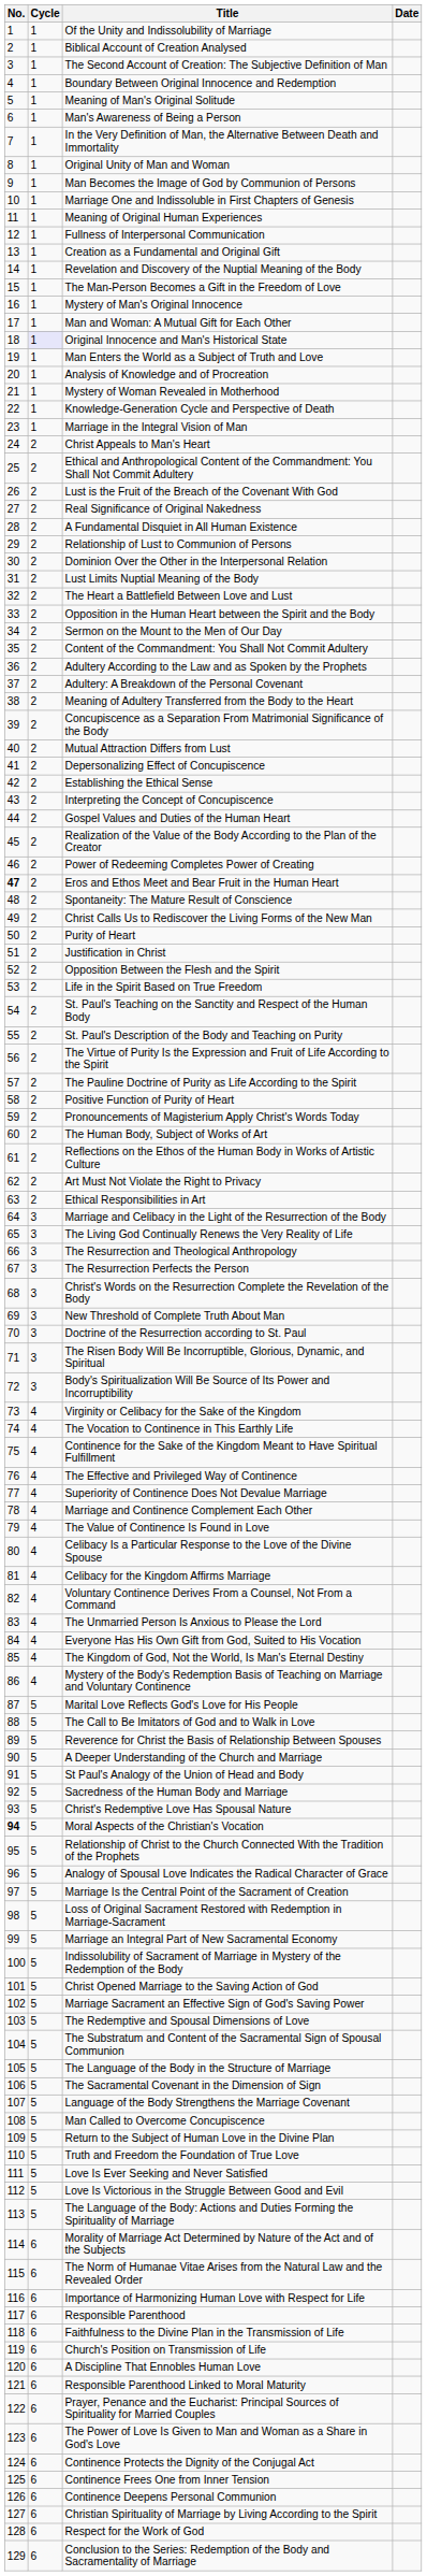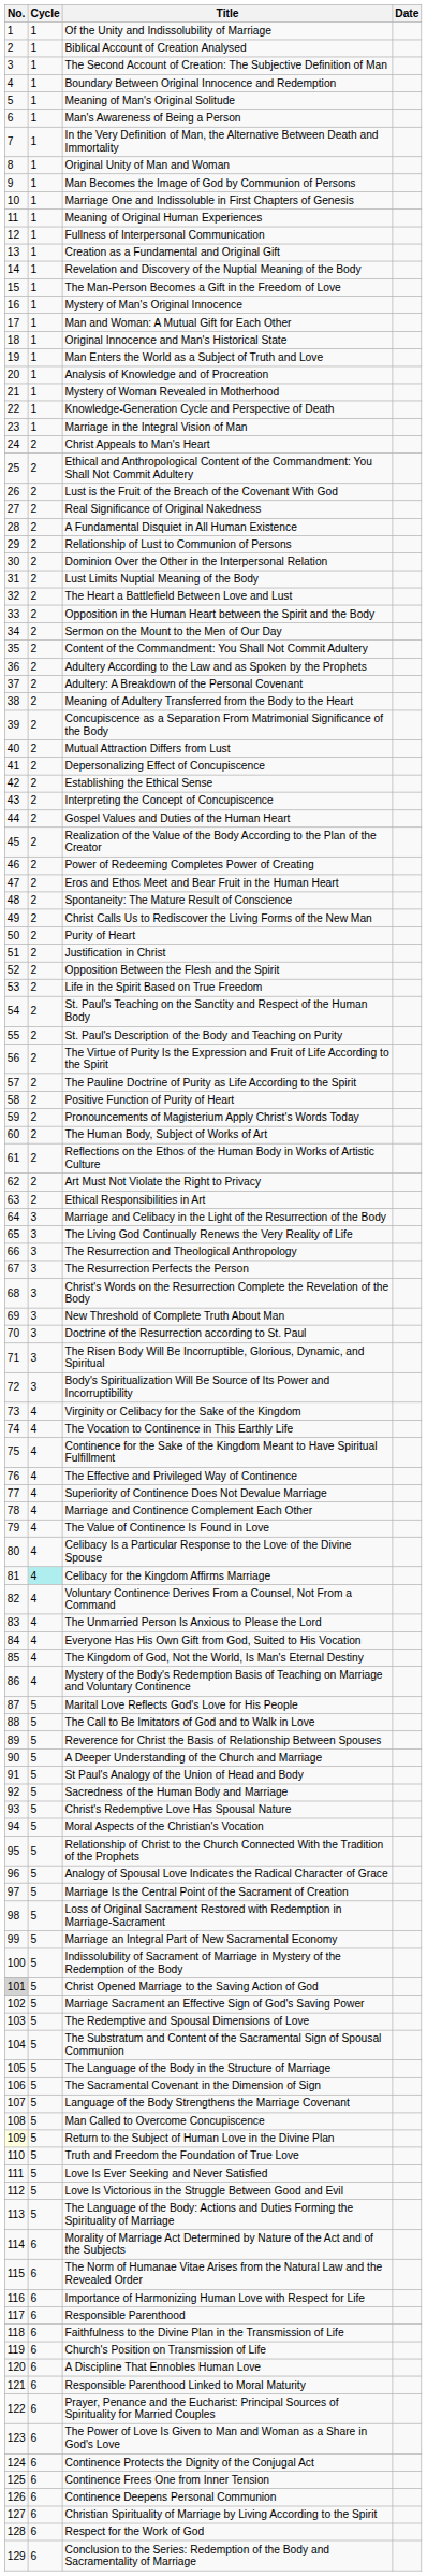 <table class="wikitable sortable mw-collapsible mw-collapsed">
 <tr>
 <th>No.</th>
 <th>Cycle</th>
 <th>Title</th>
 <th>Date</th>
 </tr>
 <tr>
 <td>1</td>
 <td>1</td>
 <td>Of the Unity and Indissolubility of Marriage</td>
 <td></td>
 </tr>
 <tr>
 <td>2</td>
 <td>1</td>
 <td>Biblical Account of Creation Analysed</td>
 <td></td>
 </tr>
 <tr>
 <td>3</td>
 <td>1</td>
 <td>The Second Account of Creation: The Subjective Definition of Man</td>
 <td></td>
 </tr>
 <tr>
 <td>4</td>
 <td>1</td>
 <td>Boundary Between Original Innocence and Redemption</td>
 <td></td>
 </tr>
 <tr>
 <td>5</td>
 <td>1</td>
 <td>Meaning of Man's Original Solitude</td>
 <td></td>
 </tr>
 <tr>
 <td>6</td>
 <td>1</td>
 <td>Man's Awareness of Being a Person</td>
 <td></td>
 </tr>
 <tr>
 <td>7</td>
 <td>1</td>
 <td>In the Very Definition of Man, the Alternative Between Death and Immortality</td>
 <td></td>
 </tr>
 <tr>
 <td>8</td>
 <td>1</td>
 <td>Original Unity of Man and Woman</td>
 <td></td>
 </tr>
 <tr>
 <td>9</td>
 <td>1</td>
 <td>Man Becomes the Image of God by Communion of Persons</td>
 <td></td>
 </tr>
 <tr>
 <td>10</td>
 <td>1</td>
 <td>Marriage One and Indissoluble in First Chapters of Genesis</td>
 <td></td>
 </tr>
 <tr>
 <td>11</td>
 <td>1</td>
 <td>Meaning of Original Human Experiences</td>
 <td></td>
 </tr>
 <tr>
 <td>12</td>
 <td>1</td>
 <td>Fullness of Interpersonal Communication</td>
 <td></td>
 </tr>
 <tr>
 <td>13</td>
 <td>1</td>
 <td>Creation as a Fundamental and Original Gift</td>
 <td></td>
 </tr>
 <tr>
 <td>14</td>
 <td>1</td>
 <td>Revelation and Discovery of the Nuptial Meaning of the Body</td>
 <td></td>
 </tr>
 <tr>
 <td>15</td>
 <td>1</td>
 <td>The Man-Person Becomes a Gift in the Freedom of Love</td>
 <td></td>
 </tr>
 <tr>
 <td>16</td>
 <td>1</td>
 <td>Mystery of Man's Original Innocence</td>
 <td></td>
 </tr>
 <tr>
 <td>17</td>
 <td>1</td>
 <td>Man and Woman: A Mutual Gift for Each Other</td>
 <td></td>
 </tr>
 <tr>
 <td>18</td>
-<td style="background: lavender;">1</td>
+<td>1</td>
 <td>Original Innocence and Man's Historical State</td>
 <td></td>
 </tr>
 <tr>
 <td>19</td>
 <td>1</td>
 <td>Man Enters the World as a Subject of Truth and Love</td>
 <td></td>
 </tr>
 <tr>
 <td>20</td>
 <td>1</td>
 <td>Analysis of Knowledge and of Procreation</td>
 <td></td>
 </tr>
 <tr>
 <td>21</td>
 <td>1</td>
 <td>Mystery of Woman Revealed in Motherhood</td>
 <td></td>
 </tr>
 <tr>
 <td>22</td>
 <td>1</td>
 <td>Knowledge-Generation Cycle and Perspective of Death</td>
 <td></td>
 </tr>
 <tr>
 <td>23</td>
 <td>1</td>
 <td>Marriage in the Integral Vision of Man</td>
 <td></td>
 </tr>
 <tr>
 <td>24</td>
 <td>2</td>
 <td>Christ Appeals to Man's Heart</td>
 <td></td>
 </tr>
 <tr>
 <td>25</td>
 <td>2</td>
 <td>Ethical and Anthropological Content of the Commandment: You Shall Not Commit Adultery</td>
 <td></td>
 </tr>
 <tr>
 <td>26</td>
 <td>2</td>
 <td>Lust is the Fruit of the Breach of the Covenant With God</td>
 <td></td>
 </tr>
 <tr>
 <td>27</td>
 <td>2</td>
 <td>Real Significance of Original Nakedness</td>
 <td></td>
 </tr>
 <tr>
 <td>28</td>
 <td>2</td>
 <td>A Fundamental Disquiet in All Human Existence</td>
 <td></td>
 </tr>
 <tr>
 <td>29</td>
 <td>2</td>
 <td>Relationship of Lust to Communion of Persons</td>
 <td></td>
 </tr>
 <tr>
 <td>30</td>
 <td>2</td>
 <td>Dominion Over the Other in the Interpersonal Relation</td>
 <td></td>
 </tr>
 <tr>
 <td>31</td>
 <td>2</td>
 <td>Lust Limits Nuptial Meaning of the Body</td>
 <td></td>
 </tr>
 <tr>
 <td>32</td>
 <td>2</td>
 <td>The Heart a Battlefield Between Love and Lust</td>
 <td></td>
 </tr>
 <tr>
 <td>33</td>
 <td>2</td>
 <td>Opposition in the Human Heart between the Spirit and the Body</td>
 <td></td>
 </tr>
 <tr>
 <td>34</td>
 <td>2</td>
 <td>Sermon on the Mount to the Men of Our Day</td>
 <td></td>
 </tr>
 <tr>
 <td>35</td>
 <td>2</td>
 <td>Content of the Commandment: You Shall Not Commit Adultery</td>
 <td></td>
 </tr>
 <tr>
 <td>36</td>
 <td>2</td>
 <td>Adultery According to the Law and as Spoken by the Prophets</td>
 <td></td>
 </tr>
 <tr>
 <td>37</td>
 <td>2</td>
 <td>Adultery: A Breakdown of the Personal Covenant</td>
 <td></td>
 </tr>
 <tr>
 <td>38</td>
 <td>2</td>
 <td>Meaning of Adultery Transferred from the Body to the Heart</td>
 <td></td>
 </tr>
 <tr>
 <td>39</td>
 <td>2</td>
 <td>Concupiscence as a Separation From Matrimonial Significance of the Body</td>
 <td {{Start date></td>
 </tr>
 <tr>
 <td>40</td>
 <td>2</td>
 <td>Mutual Attraction Differs from Lust</td>
 <td></td>
 </tr>
 <tr>
 <td>41</td>
 <td>2</td>
 <td>Depersonalizing Effect of Concupiscence</td>
 <td></td>
 </tr>
 <tr>
 <td>42</td>
 <td>2</td>
 <td>Establishing the Ethical Sense</td>
 <td></td>
 </tr>
 <tr>
 <td>43</td>
 <td>2</td>
 <td>Interpreting the Concept of Concupiscence</td>
 <td></td>
 </tr>
 <tr>
 <td>44</td>
 <td>2</td>
 <td>Gospel Values and Duties of the Human Heart</td>
 <td></td>
 </tr>
 <tr>
 <td>45</td>
 <td>2</td>
 <td>Realization of the Value of the Body According to the Plan of the Creator</td>
 <td></td>
 </tr>
 <tr>
 <td>46</td>
 <td>2</td>
 <td>Power of Redeeming Completes Power of Creating</td>
 <td></td>
 </tr>
 <tr>
-<td><strong>47</strong></td>
+<td>47</td>
 <td>2</td>
 <td>Eros and Ethos Meet and Bear Fruit in the Human Heart</td>
 <td></td>
 </tr>
 <tr>
 <td>48</td>
 <td>2</td>
 <td>Spontaneity: The Mature Result of Conscience</td>
 <td></td>
 </tr>
 <tr>
 <td>49</td>
 <td>2</td>
 <td>Christ Calls Us to Rediscover the Living Forms of the New Man</td>
 <td></td>
 </tr>
 <tr>
 <td>50</td>
 <td>2</td>
 <td>Purity of Heart</td>
 <td></td>
 </tr>
 <tr>
 <td>51</td>
 <td>2</td>
 <td>Justification in Christ</td>
 <td></td>
 </tr>
 <tr>
 <td>52</td>
 <td>2</td>
 <td>Opposition Between the Flesh and the Spirit</td>
 <td></td>
 </tr>
 <tr>
 <td>53</td>
 <td>2</td>
 <td>Life in the Spirit Based on True Freedom</td>
 <td></td>
 </tr>
 <tr>
 <td>54</td>
 <td>2</td>
 <td>St. Paul's Teaching on the Sanctity and Respect of the Human Body</td>
 <td></td>
 </tr>
 <tr>
 <td>55</td>
 <td>2</td>
 <td>St. Paul's Description of the Body and Teaching on Purity</td>
 <td></td>
 </tr>
 <tr>
 <td>56</td>
 <td>2</td>
 <td>The Virtue of Purity Is the Expression and Fruit of Life According to the Spirit</td>
 <td></td>
 </tr>
 <tr>
 <td>57</td>
 <td>2</td>
 <td>The Pauline Doctrine of Purity as Life According to the Spirit</td>
 <td></td>
 </tr>
 <tr>
 <td>58</td>
 <td>2</td>
 <td>Positive Function of Purity of Heart</td>
 <td></td>
 </tr>
 <tr>
 <td>59</td>
 <td>2</td>
 <td>Pronouncements of Magisterium Apply Christ's Words Today</td>
 <td></td>
 </tr>
 <tr>
 <td>60</td>
 <td>2</td>
 <td>The Human Body, Subject of Works of Art</td>
 <td></td>
 </tr>
 <tr>
 <td>61</td>
 <td>2</td>
 <td>Reflections on the Ethos of the Human Body in Works of Artistic Culture</td>
 <td></td>
 </tr>
 <tr>
 <td>62</td>
 <td>2</td>
 <td>Art Must Not Violate the Right to Privacy</td>
 <td></td>
 </tr>
 <tr>
 <td>63</td>
 <td>2</td>
 <td>Ethical Responsibilities in Art</td>
 <td></td>
 </tr>
 <tr>
 <td>64</td>
 <td>3</td>
 <td>Marriage and Celibacy in the Light of the Resurrection of the Body</td>
 <td></td>
 </tr>
 <tr>
 <td>65</td>
 <td>3</td>
 <td>The Living God Continually Renews the Very Reality of Life</td>
 <td></td>
 </tr>
 <tr>
 <td>66</td>
 <td>3</td>
 <td>The Resurrection and Theological Anthropology</td>
 <td></td>
 </tr>
 <tr>
 <td>67</td>
 <td>3</td>
 <td>The Resurrection Perfects the Person</td>
 <td></td>
 </tr>
 <tr>
 <td>68</td>
 <td>3</td>
 <td>Christ's Words on the Resurrection Complete the Revelation of the Body</td>
 <td></td>
 </tr>
 <tr>
 <td>69</td>
 <td>3</td>
 <td>New Threshold of Complete Truth About Man</td>
 <td></td>
 </tr>
 <tr>
 <td>70</td>
 <td>3</td>
 <td>Doctrine of the Resurrection according to St. Paul</td>
 <td></td>
 </tr>
 <tr>
 <td>71</td>
 <td>3</td>
 <td>The Risen Body Will Be Incorruptible, Glorious, Dynamic, and Spiritual</td>
 <td></td>
 </tr>
 <tr>
 <td>72</td>
 <td>3</td>
 <td>Body's Spiritualization Will Be Source of Its Power and Incorruptibility</td>
 <td></td>
 </tr>
 <tr>
 <td>73</td>
 <td>4</td>
 <td>Virginity or Celibacy for the Sake of the Kingdom</td>
 <td></td>
 </tr>
 <tr>
 <td>74</td>
 <td>4</td>
 <td>The Vocation to Continence in This Earthly Life</td>
 <td></td>
 </tr>
 <tr>
 <td>75</td>
 <td>4</td>
 <td>Continence for the Sake of the Kingdom Meant to Have Spiritual Fulfillment</td>
 <td></td>
 </tr>
 <tr>
 <td>76</td>
 <td>4</td>
 <td>The Effective and Privileged Way of Continence</td>
 <td></td>
 </tr>
 <tr>
 <td>77</td>
 <td>4</td>
 <td>Superiority of Continence Does Not Devalue Marriage</td>
 <td></td>
 </tr>
 <tr>
 <td>78</td>
 <td>4</td>
 <td>Marriage and Continence Complement Each Other</td>
 <td></td>
 </tr>
 <tr>
 <td>79</td>
 <td>4</td>
 <td>The Value of Continence Is Found in Love</td>
 <td></td>
 </tr>
 <tr>
 <td>80</td>
 <td>4</td>
 <td>Celibacy Is a Particular Response to the Love of the Divine Spouse</td>
 <td></td>
 </tr>
 <tr>
 <td>81</td>
-<td>4</td>
+<td style="background: paleturquoise;">4</td>
 <td>Celibacy for the Kingdom Affirms Marriage</td>
 <td></td>
 </tr>
 <tr>
 <td>82</td>
 <td>4</td>
 <td>Voluntary Continence Derives From a Counsel, Not From a Command</td>
 <td></td>
 </tr>
 <tr>
 <td>83</td>
 <td>4</td>
 <td>The Unmarried Person Is Anxious to Please the Lord</td>
 <td></td>
 </tr>
 <tr>
 <td>84</td>
 <td>4</td>
 <td>Everyone Has His Own Gift from God, Suited to His Vocation</td>
 <td></td>
 </tr>
 <tr>
 <td>85</td>
 <td>4</td>
 <td>The Kingdom of God, Not the World, Is Man's Eternal Destiny</td>
 <td></td>
 </tr>
 <tr>
 <td>86</td>
 <td>4</td>
 <td>Mystery of the Body's Redemption Basis of Teaching on Marriage and Voluntary Continence</td>
 <td></td>
 </tr>
 <tr>
 <td>87</td>
 <td>5</td>
 <td>Marital Love Reflects God's Love for His People</td>
 <td></td>
 </tr>
 <tr>
 <td>88</td>
 <td>5</td>
 <td>The Call to Be Imitators of God and to Walk in Love</td>
 <td></td>
 </tr>
 <tr>
 <td>89</td>
 <td>5</td>
 <td>Reverence for Christ the Basis of Relationship Between Spouses</td>
 <td></td>
 </tr>
 <tr>
 <td>90</td>
 <td>5</td>
 <td>A Deeper Understanding of the Church and Marriage</td>
 <td></td>
 </tr>
 <tr>
 <td>91</td>
 <td>5</td>
 <td>St Paul's Analogy of the Union of Head and Body</td>
 <td></td>
 </tr>
 <tr>
 <td>92</td>
 <td>5</td>
 <td>Sacredness of the Human Body and Marriage</td>
 <td></td>
 </tr>
 <tr>
 <td>93</td>
 <td>5</td>
 <td>Christ's Redemptive Love Has Spousal Nature</td>
 <td></td>
 </tr>
 <tr>
-<td><strong>94</strong></td>
+<td>94</td>
 <td>5</td>
 <td>Moral Aspects of the Christian's Vocation</td>
 <td></td>
 </tr>
 <tr>
 <td>95</td>
 <td>5</td>
 <td>Relationship of Christ to the Church Connected With the Tradition of the Prophets</td>
 <td></td>
 </tr>
 <tr>
 <td>96</td>
 <td>5</td>
 <td>Analogy of Spousal Love Indicates the Radical Character of Grace</td>
 <td></td>
 </tr>
 <tr>
 <td>97</td>
 <td>5</td>
 <td>Marriage Is the Central Point of the Sacrament of Creation</td>
 <td></td>
 </tr>
 <tr>
 <td>98</td>
 <td>5</td>
 <td>Loss of Original Sacrament Restored with Redemption in Marriage-Sacrament</td>
 <td></td>
 </tr>
 <tr>
 <td>99</td>
 <td>5</td>
 <td>Marriage an Integral Part of New Sacramental Economy</td>
 <td></td>
 </tr>
 <tr>
 <td>100</td>
 <td>5</td>
 <td>Indissolubility of Sacrament of Marriage in Mystery of the Redemption of the Body</td>
 <td></td>
 </tr>
 <tr>
-<td>101</td>
+<td style="background: lightgrey;">101</td>
 <td>5</td>
 <td>Christ Opened Marriage to the Saving Action of God</td>
 <td></td>
 </tr>
 <tr>
 <td>102</td>
 <td>5</td>
 <td>Marriage Sacrament an Effective Sign of God's Saving Power</td>
 <td></td>
 </tr>
 <tr>
 <td>103</td>
 <td>5</td>
 <td>The Redemptive and Spousal Dimensions of Love</td>
 <td></td>
 </tr>
 <tr>
 <td>104</td>
 <td>5</td>
 <td>The Substratum and Content of the Sacramental Sign of Spousal Communion</td>
 <td></td>
 </tr>
 <tr>
 <td>105</td>
 <td>5</td>
 <td>The Language of the Body in the Structure of Marriage</td>
 <td></td>
 </tr>
 <tr>
 <td>106</td>
 <td>5</td>
 <td>The Sacramental Covenant in the Dimension of Sign</td>
 <td></td>
 </tr>
 <tr>
 <td>107</td>
 <td>5</td>
 <td>Language of the Body Strengthens the Marriage Covenant</td>
 <td></td>
 </tr>
 <tr>
 <td>108</td>
 <td>5</td>
 <td>Man Called to Overcome Concupiscence</td>
 <td></td>
 </tr>
 <tr>
-<td>109</td>
+<td style="background: lightyellow;">109</td>
 <td>5</td>
 <td>Return to the Subject of Human Love in the Divine Plan</td>
 <td></td>
 </tr>
 <tr>
 <td>110</td>
 <td>5</td>
 <td>Truth and Freedom the Foundation of True Love</td>
 <td></td>
 </tr>
 <tr>
 <td>111</td>
 <td>5</td>
 <td>Love Is Ever Seeking and Never Satisfied</td>
 <td></td>
 </tr>
 <tr>
 <td>112</td>
 <td>5</td>
 <td>Love Is Victorious in the Struggle Between Good and Evil</td>
 <td></td>
 </tr>
 <tr>
 <td>113</td>
 <td>5</td>
 <td>The Language of the Body: Actions and Duties Forming the Spirituality of Marriage</td>
 <td></td>
 </tr>
 <tr>
 <td>114</td>
 <td>6</td>
 <td>Morality of Marriage Act Determined by Nature of the Act and of the Subjects</td>
 <td></td>
 </tr>
 <tr>
 <td>115</td>
 <td>6</td>
 <td>The Norm of Humanae Vitae Arises from the Natural Law and the Revealed Order</td>
 <td></td>
 </tr>
 <tr>
 <td>116</td>
 <td>6</td>
 <td>Importance of Harmonizing Human Love with Respect for Life</td>
 <td></td>
 </tr>
 <tr>
 <td>117</td>
 <td>6</td>
 <td>Responsible Parenthood</td>
 <td></td>
 </tr>
 <tr>
 <td>118</td>
 <td>6</td>
 <td>Faithfulness to the Divine Plan in the Transmission of Life</td>
 <td></td>
 </tr>
 <tr>
 <td>119</td>
 <td>6</td>
 <td>Church's Position on Transmission of Life</td>
 <td></td>
 </tr>
 <tr>
 <td>120</td>
 <td>6</td>
 <td>A Discipline That Ennobles Human Love</td>
 <td></td>
 </tr>
 <tr>
 <td>121</td>
 <td>6</td>
 <td>Responsible Parenthood Linked to Moral Maturity</td>
 <td></td>
 </tr>
 <tr>
 <td>122</td>
 <td>6</td>
 <td>Prayer, Penance and the Eucharist: Principal Sources of Spirituality for Married Couples</td>
 <td></td>
 </tr>
 <tr>
 <td>123</td>
 <td>6</td>
 <td>The Power of Love Is Given to Man and Woman as a Share in God's Love</td>
 <td></td>
 </tr>
 <tr>
 <td>124</td>
 <td>6</td>
 <td>Continence Protects the Dignity of the Conjugal Act</td>
 <td></td>
 </tr>
 <tr>
 <td>125</td>
 <td>6</td>
 <td>Continence Frees One from Inner Tension</td>
 <td></td>
 </tr>
 <tr>
 <td>126</td>
 <td>6</td>
 <td>Continence Deepens Personal Communion</td>
 <td></td>
 </tr>
 <tr>
 <td>127</td>
 <td>6</td>
 <td>Christian Spirituality of Marriage by Living According to the Spirit</td>
 <td></td>
 </tr>
 <tr>
 <td>128</td>
 <td>6</td>
 <td>Respect for the Work of God</td>
 <td></td>
 </tr>
 <tr>
 <td>129</td>
 <td>6</td>
 <td>Conclusion to the Series: Redemption of the Body and Sacramentality of Marriage</td>
 <td></td>
 </tr>
 </table>
